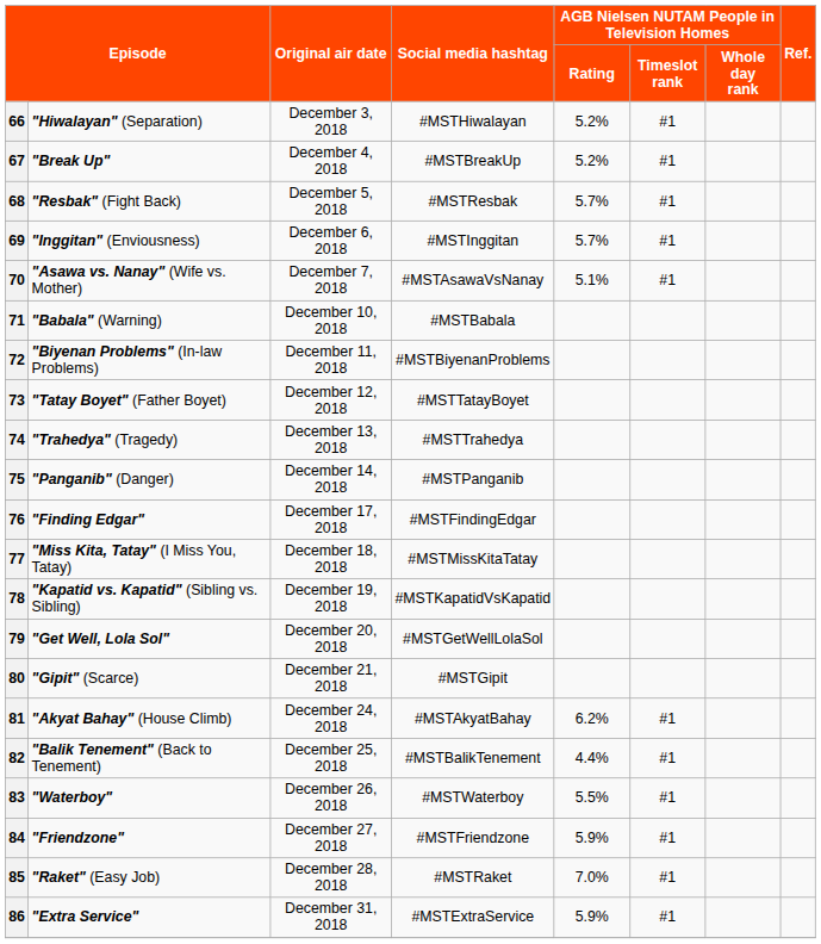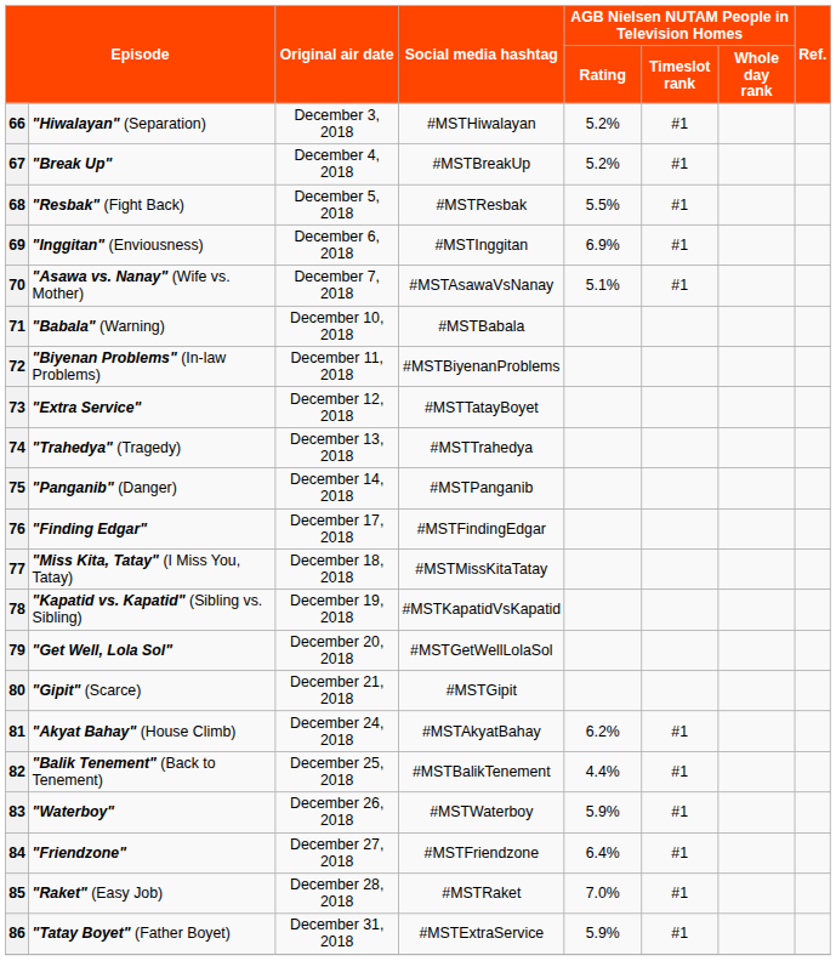 <table class="wikitable" style="text-align:center; font-size:100%; line-height:18px;" width="100%">
 <tr>
 <th style="background-color:#FF4500; color:#ffffff;" colspan="2" rowspan="2">Episode</th>
 <th style="background-color:#FF4500; color:white" rowspan="2">Original air date</th>
 <th style="background-color:#FF4500; color:white" rowspan="2">Social media hashtag</th>
 <th style="background-color:#FF4500; color:#ffffff;" colspan="3">AGB Nielsen NUTAM People in Television Homes</th>
 <th style="background-color:#FF4500;  color:#ffffff;" rowspan="2">Ref.</th>
 </tr>
 <tr>
 <th style="background-color:#FF4500; width:75px; color:#ffffff;">Rating</th>
 <th style="background-color:#FF4500;  width:75px; color:#ffffff;">Timeslot<br>rank</th>
 <th style="background-color:#FF4500; width:75px; color:#ffffff;">Whole day<br>rank</th>
 </tr>
 <tr>
 <th>66</th>
 <td style="text-align: left;"><strong><em>"Hiwalayan"</em></strong> (Separation)</td>
 <td>December 3, 2018</td>
 <td>#MSTHiwalayan</td>
 <td>5.2%</td>
 <td>#1</td>
 <td></td>
 <td></td>
 </tr>
 <tr>
 <th>67</th>
 <td style="text-align: left;"><strong><em>"Break Up"</em></strong></td>
 <td>December 4, 2018</td>
 <td>#MSTBreakUp</td>
 <td>5.2%</td>
 <td>#1</td>
 <td></td>
 <td></td>
 </tr>
 <tr>
 <th>68</th>
 <td style="text-align: left;"><strong><em>"Resbak"</em></strong> (Fight Back)</td>
 <td>December 5, 2018</td>
 <td>#MSTResbak</td>
-<td>5.7%</td>
+<td>5.5%</td>
 <td>#1</td>
 <td></td>
 <td></td>
 </tr>
 <tr>
 <th>69</th>
 <td style="text-align: left;"><strong><em>"Inggitan"</em></strong> (Enviousness)</td>
 <td>December 6, 2018</td>
 <td>#MSTInggitan</td>
-<td>5.7%</td>
+<td>6.9%</td>
 <td>#1</td>
 <td></td>
 <td></td>
 </tr>
 <tr>
 <th>70</th>
 <td style="text-align: left;"><strong><em>"Asawa vs. Nanay"</em></strong> (Wife vs. Mother)</td>
 <td>December 7, 2018</td>
 <td>#MSTAsawaVsNanay</td>
 <td>5.1%</td>
 <td>#1</td>
 <td></td>
 <td></td>
 </tr>
 <tr>
 <th>71</th>
 <td style="text-align: left;"><strong><em>"Babala"</em></strong> (Warning)</td>
 <td>December 10, 2018</td>
 <td>#MSTBabala</td>
 <td></td>
 <td></td>
 <td></td>
 <td></td>
 </tr>
 <tr>
 <th>72</th>
 <td style="text-align: left;"><strong><em>"Biyenan Problems"</em></strong> (In-law Problems)</td>
 <td>December 11, 2018</td>
 <td>#MSTBiyenanProblems</td>
 <td></td>
 <td></td>
 <td></td>
 <td></td>
 </tr>
 <tr>
 <th>73</th>
-<td style="text-align: left;"><strong><em>"Tatay Boyet"</em></strong> (Father Boyet)</td>
+<td style="text-align: left;"><strong><em>"Extra Service"</em></strong></td>
 <td>December 12, 2018</td>
 <td>#MSTTatayBoyet</td>
 <td></td>
 <td></td>
 <td></td>
 <td></td>
 </tr>
 <tr>
 <th>74</th>
 <td style="text-align: left;"><strong><em>"Trahedya"</em></strong> (Tragedy)</td>
 <td>December 13, 2018</td>
 <td>#MSTTrahedya</td>
 <td></td>
 <td></td>
 <td></td>
 <td></td>
 </tr>
 <tr>
 <th>75</th>
 <td style="text-align: left;"><strong><em>"Panganib"</em></strong> (Danger)</td>
 <td>December 14, 2018</td>
 <td>#MSTPanganib</td>
 <td></td>
 <td></td>
 <td></td>
 <td></td>
 </tr>
 <tr>
 <th>76</th>
 <td style="text-align: left;"><strong><em>"Finding Edgar"</em></strong></td>
 <td>December 17, 2018</td>
 <td>#MSTFindingEdgar</td>
 <td></td>
 <td></td>
 <td></td>
 <td></td>
 </tr>
 <tr>
 <th>77</th>
 <td style="text-align: left;"><strong><em>"Miss Kita, Tatay"</em></strong> (I Miss You, Tatay)</td>
 <td>December 18, 2018</td>
 <td>#MSTMissKitaTatay</td>
 <td></td>
 <td></td>
 <td></td>
 <td></td>
 </tr>
 <tr>
 <th>78</th>
 <td style="text-align: left;"><strong><em>"Kapatid vs. Kapatid"</em></strong> (Sibling vs. Sibling)</td>
 <td>December 19, 2018</td>
 <td>#MSTKapatidVsKapatid</td>
 <td></td>
 <td></td>
 <td></td>
 <td></td>
 </tr>
 <tr>
 <th>79</th>
 <td style="text-align: left;"><strong><em>"Get Well, Lola Sol"</em></strong></td>
 <td>December 20, 2018</td>
 <td>#MSTGetWellLolaSol</td>
 <td></td>
 <td></td>
 <td></td>
 <td></td>
 </tr>
 <tr>
 <th>80</th>
 <td style="text-align: left;"><strong><em>"Gipit"</em></strong> (Scarce)</td>
 <td>December 21, 2018</td>
 <td>#MSTGipit</td>
 <td></td>
 <td></td>
 <td></td>
 <td></td>
 </tr>
 <tr>
 <th>81</th>
 <td style="text-align: left;"><strong><em>"Akyat Bahay"</em></strong> (House Climb)</td>
 <td>December 24, 2018</td>
 <td>#MSTAkyatBahay</td>
 <td>6.2%</td>
 <td>#1</td>
 <td></td>
 <td></td>
 </tr>
 <tr>
 <th>82</th>
 <td style="text-align: left;"><strong><em>"Balik Tenement"</em></strong> (Back to Tenement)</td>
 <td>December 25, 2018</td>
 <td>#MSTBalikTenement</td>
 <td>4.4%</td>
 <td>#1</td>
 <td></td>
 <td></td>
 </tr>
 <tr>
 <th>83</th>
 <td style="text-align: left;"><strong><em>"Waterboy"</em></strong></td>
 <td>December 26, 2018</td>
 <td>#MSTWaterboy</td>
-<td>5.5%</td>
+<td>5.9%</td>
 <td>#1</td>
 <td></td>
 <td></td>
 </tr>
 <tr>
 <th>84</th>
 <td style="text-align: left;"><strong><em>"Friendzone"</em></strong></td>
 <td>December 27, 2018</td>
 <td>#MSTFriendzone</td>
-<td>5.9%</td>
+<td>6.4%</td>
 <td>#1</td>
 <td></td>
 <td></td>
 </tr>
 <tr>
 <th>85</th>
 <td style="text-align: left;"><strong><em>"Raket"</em></strong> (Easy Job)</td>
 <td>December 28, 2018</td>
 <td>#MSTRaket</td>
 <td>7.0%</td>
 <td>#1</td>
 <td></td>
 <td></td>
 </tr>
 <tr>
 <th>86</th>
-<td style="text-align: left;"><strong><em>"Extra Service"</em></strong></td>
+<td style="text-align: left;"><strong><em>"Tatay Boyet"</em></strong> (Father Boyet)</td>
 <td>December 31, 2018</td>
 <td>#MSTExtraService</td>
 <td>5.9%</td>
 <td>#1</td>
 <td></td>
 <td></td>
 </tr>
 <tr>
 </tr>
 </table>
